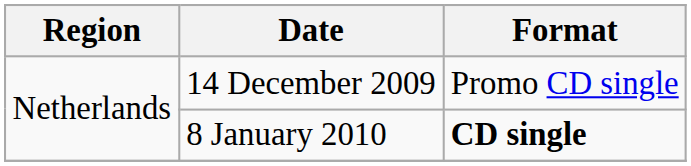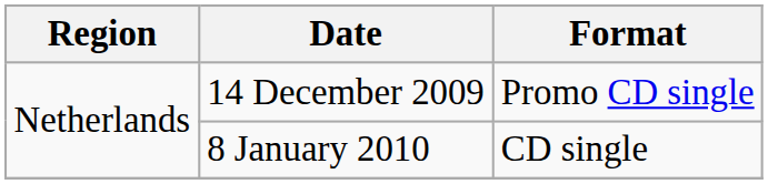 <table class="wikitable">
 <tr>
 <th>Region</th>
 <th>Date</th>
 <th>Format</th>
 </tr>
 <tr>
 <td rowspan="2">Netherlands</td>
 <td rowspan="1">14 December 2009</td>
 <td rowspan="1">Promo <a href='#'>CD single</a></td>
 </tr>
 <tr>
 <td rowspan="1">8 January 2010</td>
-<td rowspan="1"><strong>CD single</strong></td>
+<td rowspan="1">CD single</td>
 </tr>
 <tr>
 </tr>
 </table>
